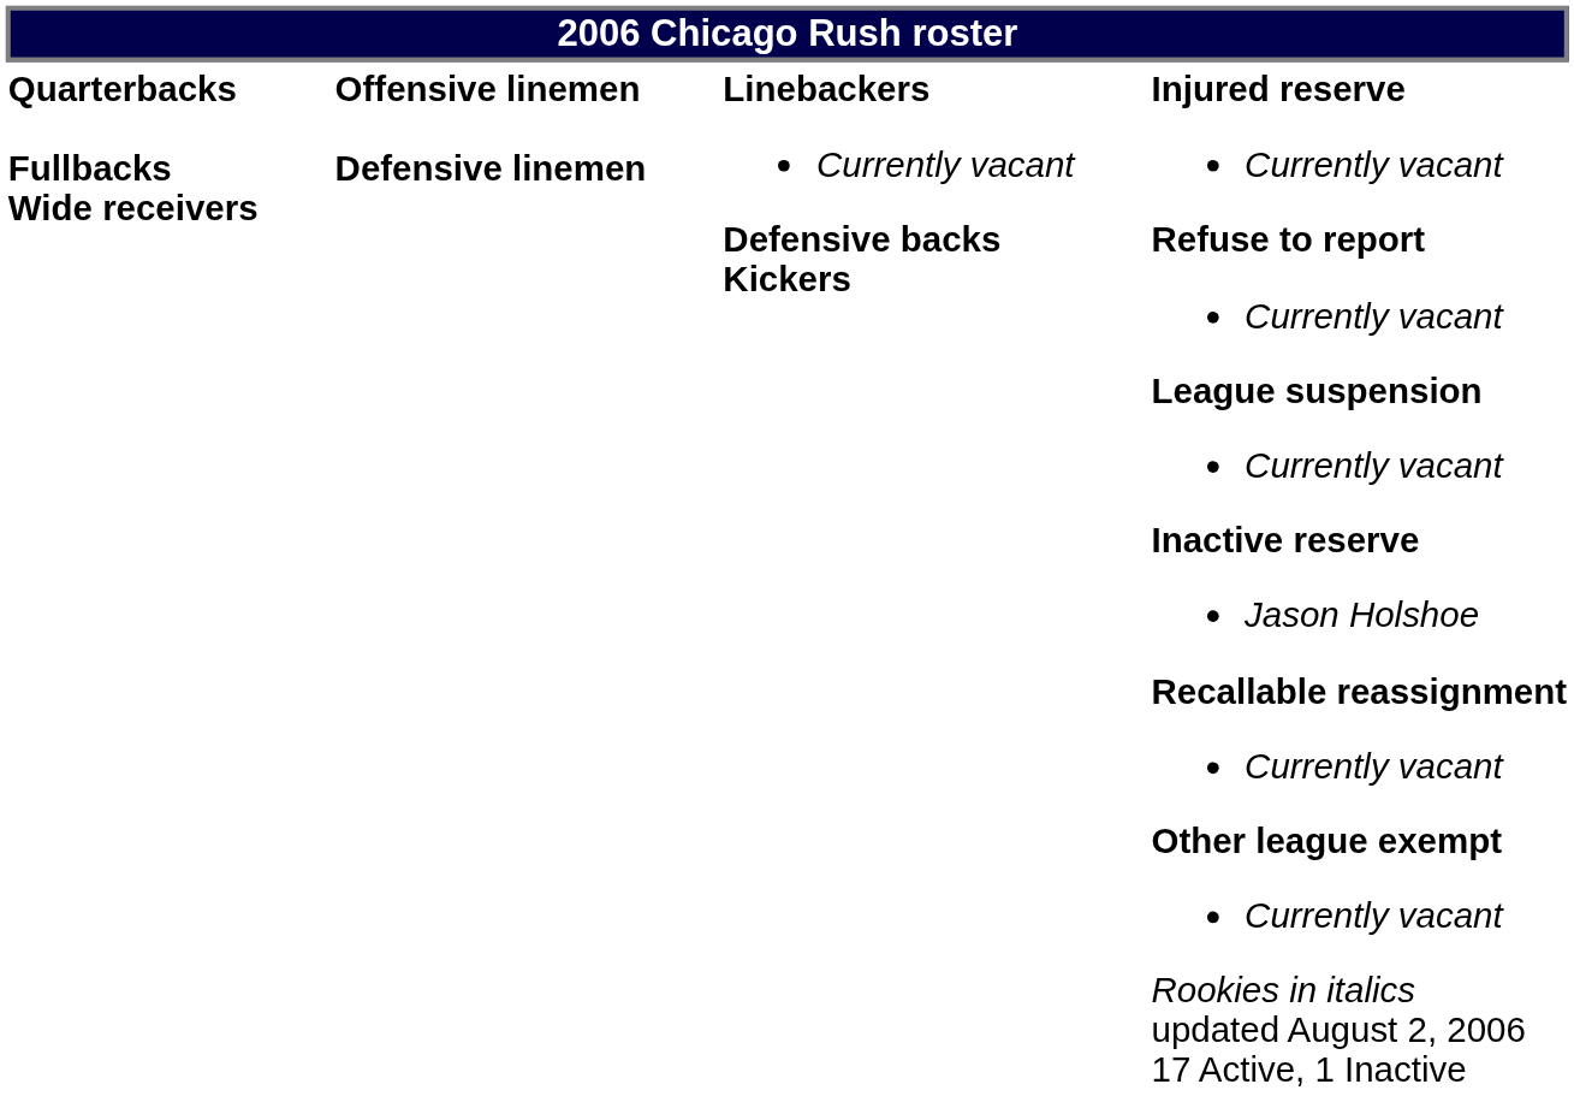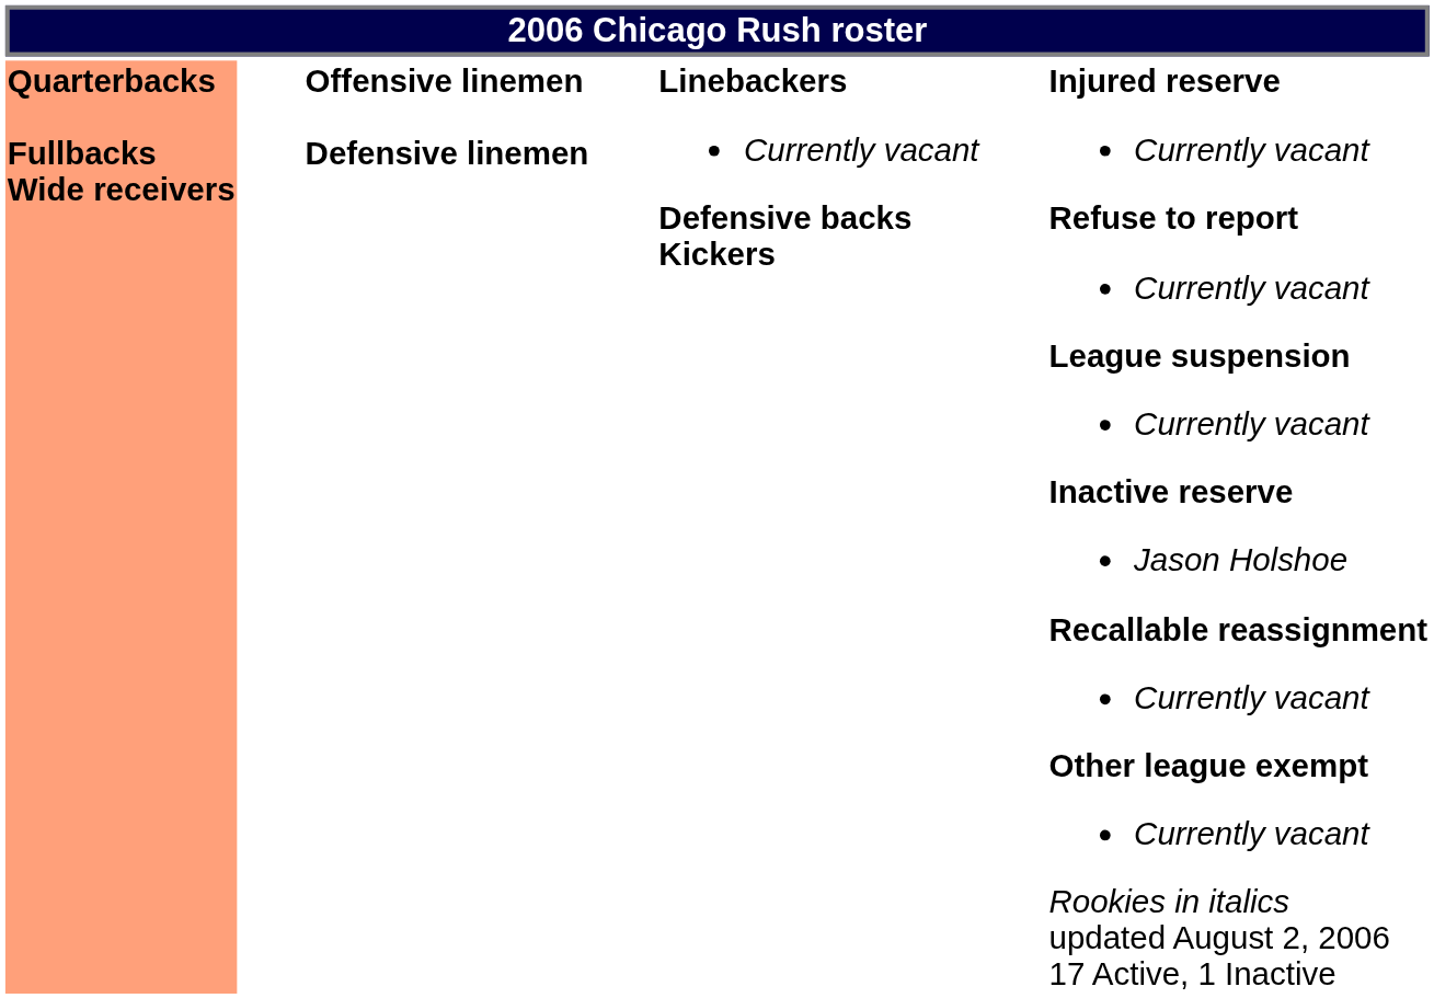 <table class="toccolours" style="text-align: left;">
 <tr>
 <th colspan=7 style="background:#00004d; border: 2px solid gray; color:white; text-align:center;"><strong>2006 Chicago Rush roster</strong></th>
 </tr>
 <tr>
-<td style="font-size: 95%;" valign="top"><strong>Quarterbacks</strong><br>  <br><strong>Fullbacks</strong> <br><strong>Wide receivers</strong>     </td>
+<td style="background: lightsalmon; font-size: 95%;" valign="top"><strong>Quarterbacks</strong><br>  <br><strong>Fullbacks</strong> <br><strong>Wide receivers</strong>     </td>
 <td style="width: 25px;"></td>
 <td style="font-size: 95%;" valign="top"><strong>Offensive linemen</strong><br> <br><strong>Defensive linemen</strong>  </td>
 <td style="width: 25px;"></td>
 <td style="font-size: 95%;" valign="top"><strong>Linebackers</strong><br><ul><li><em>Currently vacant</em></li></ul><strong>Defensive backs</strong>   <br><strong>Kickers</strong> </td>
 <td style="width: 25px;"></td>
 <td style="font-size: 95%;" valign="top"><strong>Injured reserve</strong><br><ul><li><em>Currently vacant</em></li></ul><strong>Refuse to report</strong><ul><li><em>Currently vacant</em></li></ul><strong>League suspension</strong><ul><li><em>Currently vacant</em></li></ul><strong>Inactive reserve</strong><ul><li><em>Jason Holshoe</em></li></ul><strong>Recallable reassignment</strong><ul><li><em>Currently vacant</em></li></ul><strong>Other league exempt</strong><ul><li><em>Currently vacant</em></li></ul> <em>Rookies in italics</em><br> <span></span> updated August 2, 2006<br> 17 Active, 1 Inactive </td>
 </tr>
 <tr>
 </tr>
 </table>
